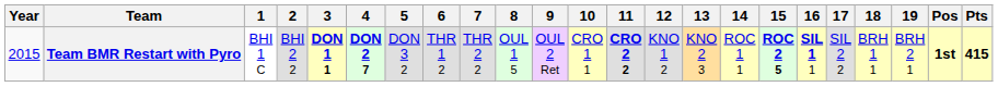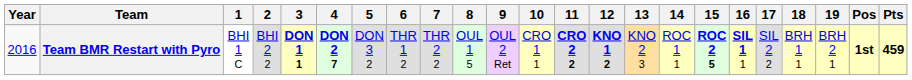 <table class="wikitable" style="text-align:center; font-size:85%">
 <tr>
 <th>Year</th>
 <th>Team</th>
 <th>1</th>
 <th>2</th>
 <th>3</th>
 <th>4</th>
 <th>5</th>
 <th>6</th>
 <th>7</th>
 <th>8</th>
 <th>9</th>
 <th>10</th>
 <th>11</th>
 <th>12</th>
 <th>13</th>
 <th>14</th>
 <th>15</th>
 <th>16</th>
 <th>17</th>
 <th>18</th>
 <th>19</th>
 <th>Pos</th>
 <th>Pts</th>
 </tr>
 <tr>
-<td><a href='#'>2015</a></td>
+<td><a href='#'>2016</a></td>
 <th nowrap><a href='#'>Team BMR Restart with Pyro</a></th>
 <td style="width:25px !important; background:#FFFFFF;"><a href='#'>BHI<br>1</a><br><small>C</small></td>
 <td style="background:#DFDFDF;"><a href='#'>BHI<br>2</a><br><small>2</small></td>
 <td style="background:#FFFFBF; font-weight:600;"><strong><a href='#'>DON<br>1</a></strong><br><small>1</small></td>
 <td style="background:#DFFFDF; font-weight:600;"><a href='#'>DON<br>2</a><br><small>7</small></td>
 <td style="background:#DFDFDF;"><a href='#'>DON<br>3</a><br><small>2</small></td>
 <td style="background:#DFDFDF;"><a href='#'>THR<br>1</a><br><small>2</small></td>
 <td style="background:#DFDFDF;"><a href='#'>THR<br>2</a><br><small>2</small></td>
 <td style="background:#DFFFDF;"><a href='#'>OUL<br>1</a><br><small>5</small></td>
 <td style="background:#EFCFFF;"><a href='#'>OUL<br>2</a><br><small>Ret</small></td>
 <td style="background:#FFFFBF;"><a href='#'>CRO<br>1</a><br><small>1</small></td>
 <td style="background:#DFDFDF;"><strong><a href='#'>CRO<br>2</a><br><small>2</small></strong></td>
-<td style="background:#DFDFDF;"><a href='#'>KNO<br>1</a><br><small>2</small></td>
+<td style="background:#DFDFDF;"><strong><a href='#'>KNO<br>1</a><br><small>2</small></strong></td>
 <td style="background:#FFDF9F;"><a href='#'>KNO<br>2</a><br><small>3</small></td>
 <td style="background:#FFFFBF;"><a href='#'>ROC<br>1</a><br><small>1</small></td>
 <td style="background:#DFFFDF; font-weight:600;"><a href='#'>ROC<br>2</a><br><small>5</small></td>
 <td style="background:#FFFFBF;"><strong><a href='#'>SIL<br>1</a></strong><br><small>1</small></td>
 <td style="background:#DFDFDF;"><a href='#'>SIL<br>2</a><br><small>2</small></td>
 <td style="background:#FFFFBF;"><a href='#'>BRH<br>1</a><br><small>1</small></td>
 <td style="background:#FFFFBF;"><a href='#'>BRH<br>2</a><br><small>1</small></td>
 <td style="background:#FFFFBF; font-weight:600;">1st</td>
-<td style="background:#FFFFBF; font-weight:600;">415</td>
+<td style="background:#FFFFBF; font-weight:600;">459</td>
 </tr>
 </table>
